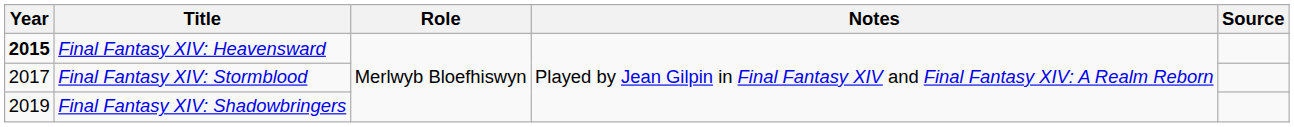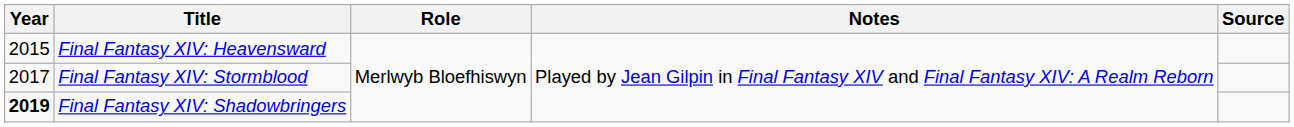 <table class="wikitable sortable">
 <tr>
 <th>Year</th>
 <th>Title</th>
 <th>Role</th>
 <th>Notes</th>
 <th>Source</th>
 </tr>
 <tr>
-<td><strong>2015</strong></td>
+<td>2015</td>
 <td><em><a href='#'>Final Fantasy XIV: Heavensward</a></em></td>
 <td rowspan="3">Merlwyb Bloefhiswyn</td>
 <td rowspan="3">Played by <a href='#'>Jean Gilpin</a> in <a href='#'><em>Final Fantasy XIV</em></a> and <a href='#'><em>Final Fantasy XIV: A Realm Reborn</em></a></td>
 <td></td>
 </tr>
 <tr>
 <td>2017</td>
 <td><em><a href='#'>Final Fantasy XIV: Stormblood</a></em></td>
 <td></td>
 </tr>
 <tr>
-<td>2019</td>
+<td><strong>2019</strong></td>
 <td><em><a href='#'>Final Fantasy XIV: Shadowbringers</a></em></td>
 <td></td>
 </tr>
 </table>
